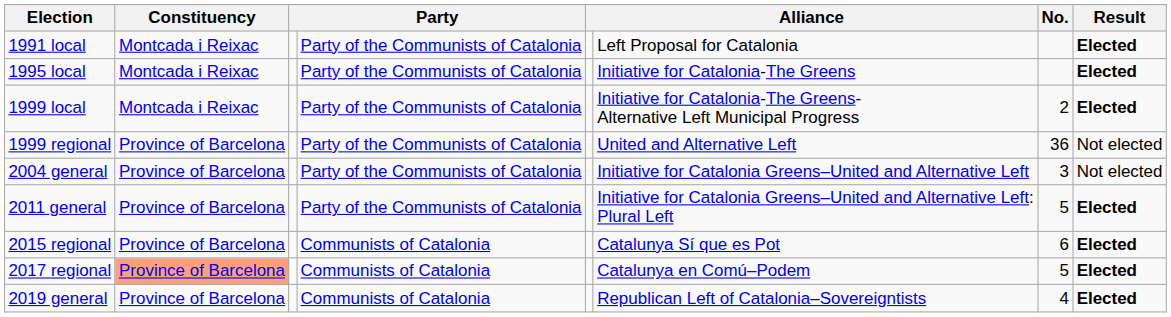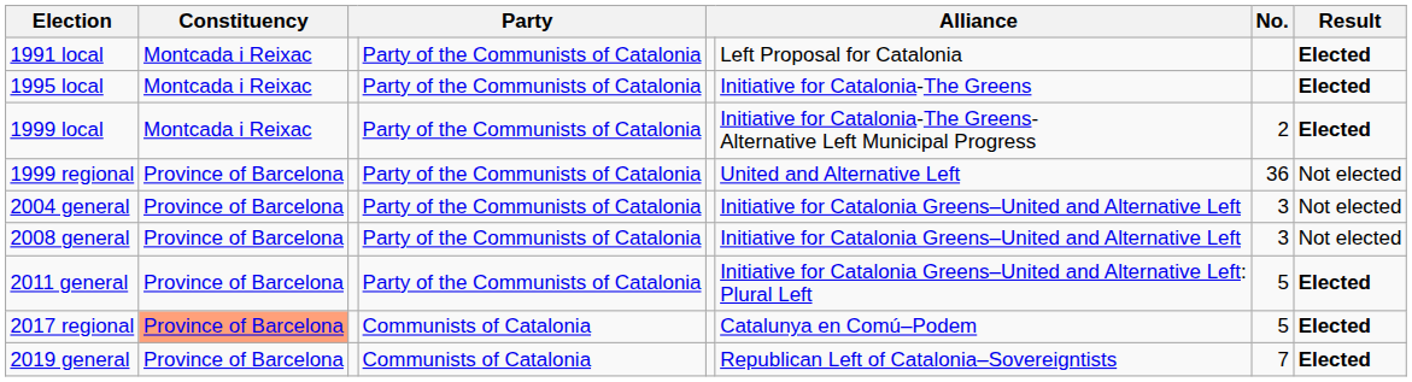 <table class="wikitable" style="text-align:left;">
 <tr>
 <th scope=col>Election</th>
 <th scope=col>Constituency</th>
 <th scope=col colspan="2">Party</th>
 <th scope=col colspan="2">Alliance</th>
 <th scope=col>No.</th>
 <th scope=col>Result</th>
 </tr>
 <tr>
 <td><a href='#'>1991 local</a></td>
 <td><a href='#'>Montcada i Reixac</a></td>
 <td style="background:"></td>
 <td><a href='#'>Party of the Communists of Catalonia</a></td>
 <td></td>
 <td>Left Proposal for Catalonia</td>
 <td align=right></td>
 <td><strong>Elected</strong></td>
 </tr>
 <tr>
 <td><a href='#'>1995 local</a></td>
 <td><a href='#'>Montcada i Reixac</a></td>
 <td style="background:"></td>
 <td><a href='#'>Party of the Communists of Catalonia</a></td>
 <td style="background:"></td>
 <td><a href='#'>Initiative for Catalonia</a>-<a href='#'>The Greens</a></td>
 <td align=right></td>
 <td><strong>Elected</strong></td>
 </tr>
 <tr>
 <td><a href='#'>1999 local</a></td>
 <td><a href='#'>Montcada i Reixac</a></td>
 <td style="background:"></td>
 <td><a href='#'>Party of the Communists of Catalonia</a></td>
 <td style="background:"></td>
 <td><a href='#'>Initiative for Catalonia</a>-<a href='#'>The Greens</a>-<br>Alternative Left Municipal Progress</td>
 <td align=right>2</td>
 <td><strong>Elected</strong></td>
 </tr>
 <tr>
 <td><a href='#'>1999 regional</a></td>
 <td><a href='#'>Province of Barcelona</a></td>
 <td style="background:"></td>
 <td><a href='#'>Party of the Communists of Catalonia</a></td>
 <td style="background:"></td>
 <td><a href='#'>United and Alternative Left</a></td>
 <td align=right>36</td>
 <td>Not elected</td>
 </tr>
 <tr>
 <td><a href='#'>2004 general</a></td>
 <td><a href='#'>Province of Barcelona</a></td>
 <td style="background:"></td>
 <td><a href='#'>Party of the Communists of Catalonia</a></td>
 <td style="background:"></td>
 <td><a href='#'>Initiative for Catalonia Greens–United and Alternative Left</a></td>
 <td align=right>3</td>
 <td>Not elected</td>
 </tr>
 <tr>
+<td><a href='#'>2008 general</a></td>
+<td><a href='#'>Province of Barcelona</a></td>
+<td style="background:"></td>
+<td><a href='#'>Party of the Communists of Catalonia</a></td>
+<td style="background:"></td>
+<td><a href='#'>Initiative for Catalonia Greens–United and Alternative Left</a></td>
+<td align=right>3</td>
+<td>Not elected</td>
+</tr>
+<tr>
 <td><a href='#'>2011 general</a></td>
 <td><a href='#'>Province of Barcelona</a></td>
 <td style="background:"></td>
 <td><a href='#'>Party of the Communists of Catalonia</a></td>
 <td style="background:"></td>
 <td><a href='#'>Initiative for Catalonia Greens–United and Alternative Left</a>:<br><a href='#'>Plural Left</a></td>
 <td align=right>5</td>
-<td><strong>Elected</strong></td>
-</tr>
-<tr>
-<td><a href='#'>2015 regional</a></td>
-<td><a href='#'>Province of Barcelona</a></td>
-<td style="background:"></td>
-<td><a href='#'>Communists of Catalonia</a></td>
-<td style="background:"></td>
-<td><a href='#'>Catalunya Sí que es Pot</a></td>
-<td align=right>6</td>
 <td><strong>Elected</strong></td>
 </tr>
 <tr>
 <td><a href='#'>2017 regional</a></td>
 <td style="background: lightsalmon;"><a href='#'>Province of Barcelona</a></td>
 <td style="background:"></td>
 <td><a href='#'>Communists of Catalonia</a></td>
 <td style="background:"></td>
 <td><a href='#'>Catalunya en Comú–Podem</a></td>
 <td align=right>5</td>
 <td><strong>Elected</strong></td>
 </tr>
 <tr>
 <td><a href='#'>2019 general</a></td>
 <td><a href='#'>Province of Barcelona</a></td>
 <td style="background:"></td>
 <td><a href='#'>Communists of Catalonia</a></td>
 <td style="background:"></td>
 <td><a href='#'>Republican Left of Catalonia–Sovereigntists</a></td>
-<td align=right>4</td>
+<td align=right>7</td>
 <td><strong>Elected</strong></td>
 </tr>
 </table>
